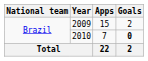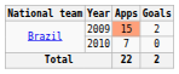 <table class="wikitable" style="text-align:center">
 <tr>
 <th>National team</th>
 <th>Year</th>
 <th>Apps</th>
 <th>Goals</th>
 </tr>
 <tr>
 <td rowspan="2"><a href='#'>Brazil</a></td>
 <td>2009</td>
-<td>15</td>
+<td style="background: lightsalmon;">15</td>
 <td>2</td>
 </tr>
 <tr>
 <td>2010</td>
 <td>7</td>
-<td><strong>0</strong></td>
+<td>0</td>
 </tr>
 <tr>
 <th colspan="2">Total</th>
 <th>22</th>
 <th>2</th>
 </tr>
 </table>
